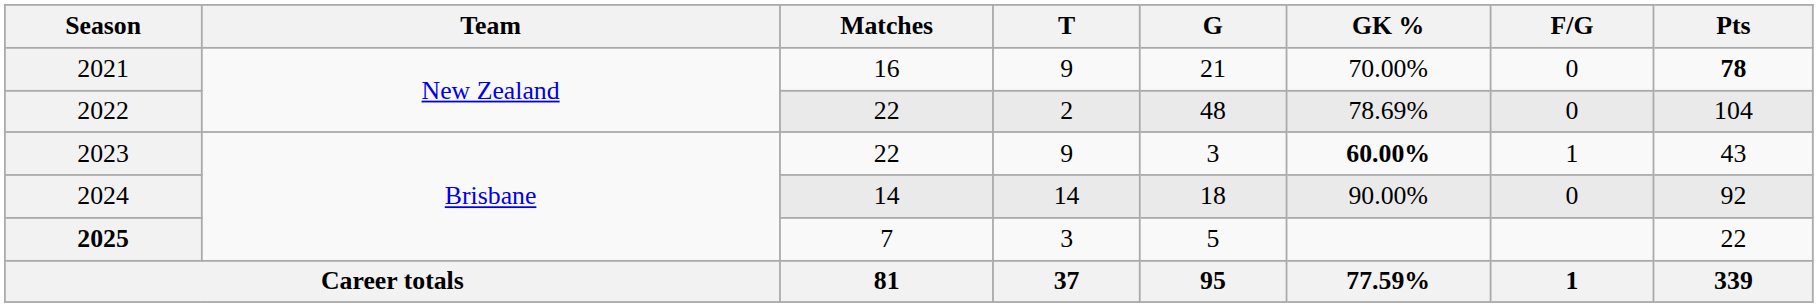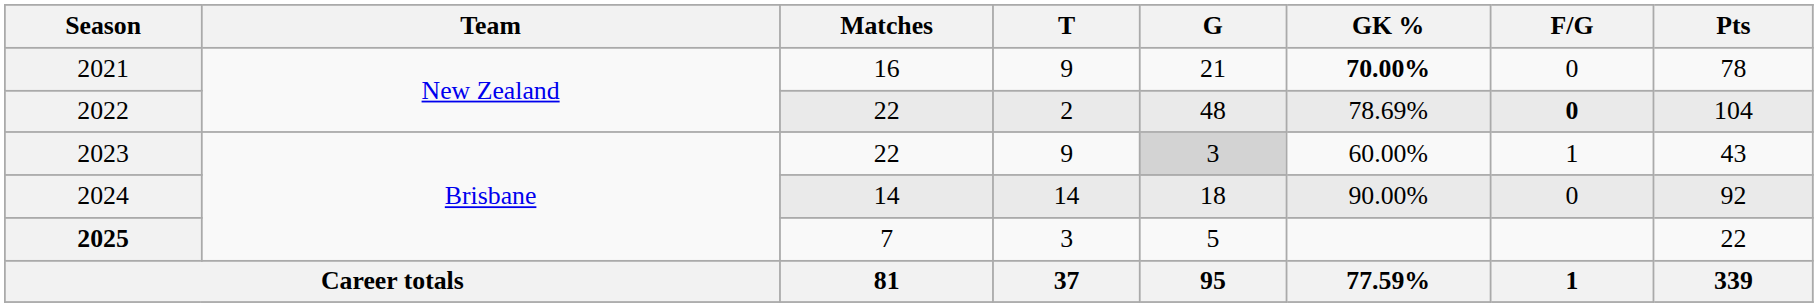 <table class="wikitable sortable" style="font-size:90%; text-align:center; width:80%;">
 <tr>
 <th width="2%">Season</th>
 <th width="8%">Team</th>
 <th width="2%">Matches</th>
 <th width="2%">T</th>
 <th width="2%">G</th>
 <th width=2%>GK %</th>
 <th width="2%">F/G</th>
 <th width="2%">Pts</th>
 </tr>
 <tr>
 <th scope="row" style="text-align:center; font-weight:normal">2021</th>
 <td rowspan="2"> <a href='#'>New Zealand</a></td>
 <td>16</td>
 <td>9</td>
 <td>21</td>
-<td>70.00%</td>
+<td><strong>70.00%</strong></td>
 <td>0</td>
-<td><strong>78</strong></td>
+<td>78</td>
 </tr>
 <tr style="background:#eaeaea;">
 <th scope="row" style="text-align:center; font-weight:normal">2022</th>
 <td>22</td>
 <td>2</td>
 <td>48</td>
 <td>78.69%</td>
-<td>0</td>
+<td><strong>0</strong></td>
 <td>104</td>
 </tr>
 <tr>
 <th scope="row" style="text-align:center; font-weight:normal">2023</th>
 <td rowspan="3"> <a href='#'>Brisbane</a></td>
 <td>22</td>
 <td>9</td>
-<td>3</td>
-<td><strong>60.00%</strong></td>
+<td style="background: lightgrey;">3</td>
+<td>60.00%</td>
 <td>1</td>
 <td>43</td>
 </tr>
 <tr style="background:#eaeaea;">
 <th scope="row" style="text-align:center; font-weight:normal">2024</th>
 <td>14</td>
 <td>14</td>
 <td>18</td>
 <td>90.00%</td>
 <td>0</td>
 <td>92</td>
 </tr>
 <tr>
 <th>2025</th>
 <td>7</td>
 <td>3</td>
 <td>5</td>
 <td></td>
 <td></td>
 <td>22</td>
 </tr>
 <tr class="sortbottom">
 <th colspan="2">Career totals</th>
 <th>81</th>
 <th>37</th>
 <th>95</th>
 <th>77.59%</th>
 <th>1</th>
 <th>339</th>
 </tr>
 </table>
